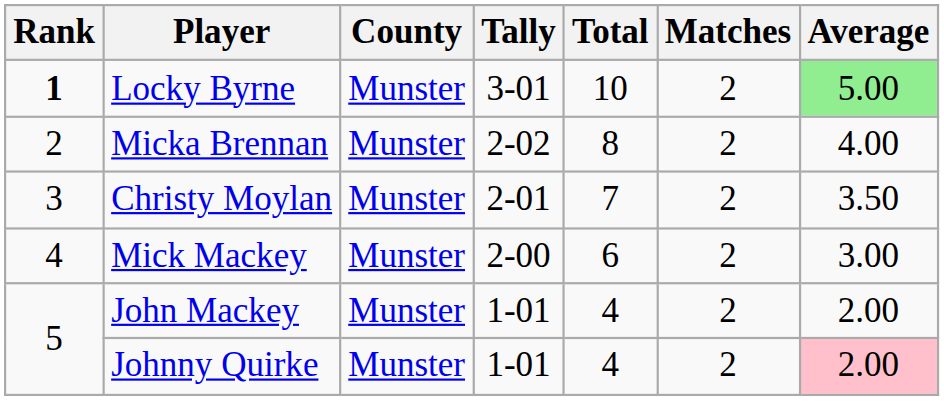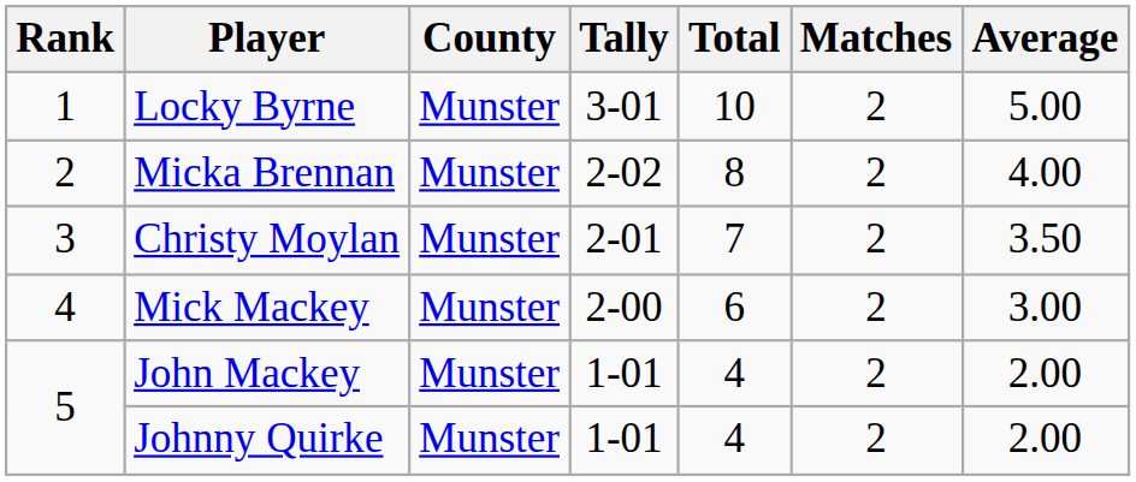 <table class="wikitable">
 <tr>
 <th>Rank</th>
 <th>Player</th>
 <th>County</th>
 <th>Tally</th>
 <th>Total</th>
 <th>Matches</th>
 <th>Average</th>
 </tr>
 <tr>
-<td rowspan=1 align=center><strong>1</strong></td>
+<td rowspan=1 align=center>1</td>
 <td><a href='#'>Locky Byrne</a></td>
 <td><a href='#'>Munster</a></td>
 <td align=center>3-01</td>
 <td align=center>10</td>
 <td align=center>2</td>
-<td align=center style="background: lightgreen;">5.00</td>
+<td align=center>5.00</td>
 </tr>
 <tr>
 <td rowspan=1 align=center>2</td>
 <td><a href='#'>Micka Brennan</a></td>
 <td><a href='#'>Munster</a></td>
 <td align=center>2-02</td>
 <td align=center>8</td>
 <td align=center>2</td>
 <td align=center>4.00</td>
 </tr>
 <tr>
 <td rowspan=1 align=center>3</td>
 <td><a href='#'>Christy Moylan</a></td>
 <td><a href='#'>Munster</a></td>
 <td align=center>2-01</td>
 <td align=center>7</td>
 <td align=center>2</td>
 <td align=center>3.50</td>
 </tr>
 <tr>
 <td rowspan=1 align=center>4</td>
 <td><a href='#'>Mick Mackey</a></td>
 <td><a href='#'>Munster</a></td>
 <td align=center>2-00</td>
 <td align=center>6</td>
 <td align=center>2</td>
 <td align=center>3.00</td>
 </tr>
 <tr>
 <td rowspan=2 align=center>5</td>
 <td><a href='#'>John Mackey</a></td>
 <td><a href='#'>Munster</a></td>
 <td align=center>1-01</td>
 <td align=center>4</td>
 <td align=center>2</td>
 <td align=center>2.00</td>
 </tr>
 <tr>
 <td><a href='#'>Johnny Quirke</a></td>
 <td><a href='#'>Munster</a></td>
 <td align=center>1-01</td>
 <td align=center>4</td>
 <td align=center>2</td>
-<td align=center style="background: pink;">2.00</td>
+<td align=center>2.00</td>
 </tr>
 </table>
